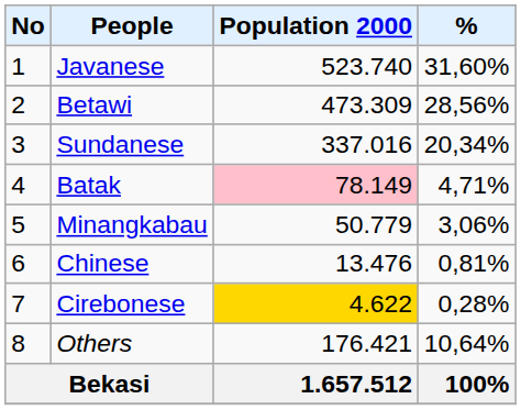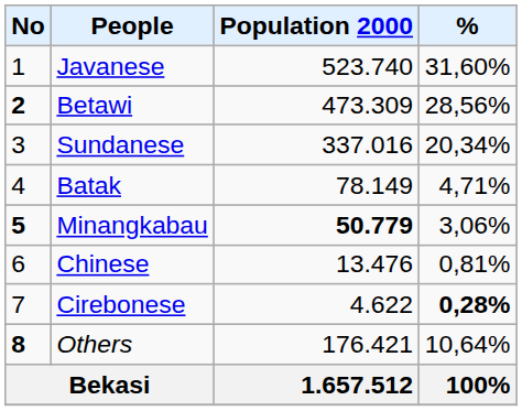 <table class="wikitable sortable" style="font-size:90%;">
 <tr>
 <th style="background:#E0F0FF;">No</th>
 <th style="background:#E0F0FF;">People</th>
 <th style="background:#E0F0FF;">Population <a href='#'>2000</a></th>
 <th style="background:#E0F0FF;">%</th>
 </tr>
 <tr>
 <td>1</td>
 <td><a href='#'>Javanese</a></td>
 <td style="text-align: right;">523.740</td>
 <td style="text-align: right;">31,60%</td>
 </tr>
 <tr>
-<td>2</td>
+<td><strong>2</strong></td>
 <td><a href='#'>Betawi</a></td>
 <td style="text-align: right;">473.309</td>
 <td style="text-align: right;">28,56%</td>
 </tr>
 <tr>
 <td>3</td>
 <td><a href='#'>Sundanese</a></td>
 <td style="text-align: right;">337.016</td>
 <td style="text-align: right;">20,34%</td>
 </tr>
 <tr>
 <td>4</td>
 <td><a href='#'>Batak</a></td>
-<td style="background: pink; text-align: right;">78.149</td>
+<td style="text-align: right;">78.149</td>
 <td style="text-align: right;">4,71%</td>
 </tr>
 <tr>
-<td>5</td>
+<td><strong>5</strong></td>
 <td><a href='#'>Minangkabau</a></td>
-<td style="text-align: right;">50.779</td>
+<td style="text-align: right;"><strong>50.779</strong></td>
 <td style="text-align: right;">3,06%</td>
 </tr>
 <tr>
 <td>6</td>
 <td><a href='#'>Chinese</a></td>
 <td style="text-align: right;">13.476</td>
 <td style="text-align: right;">0,81%</td>
 </tr>
 <tr>
 <td>7</td>
 <td><a href='#'>Cirebonese</a></td>
-<td style="background: gold; text-align: right;">4.622</td>
-<td style="text-align: right;">0,28%</td>
+<td style="text-align: right;">4.622</td>
+<td style="text-align: right;"><strong>0,28%</strong></td>
 </tr>
 <tr>
-<td>8</td>
+<td><strong>8</strong></td>
 <td><em>Others</em></td>
 <td style="text-align: right;">176.421</td>
 <td style="text-align: right;">10,64%</td>
 </tr>
 <tr>
 <th colspan="2">Bekasi</th>
 <th style="text-align: right;">1.657.512</th>
 <th style="text-align: right;">100%</th>
 </tr>
 <tr>
 </tr>
 </table>
